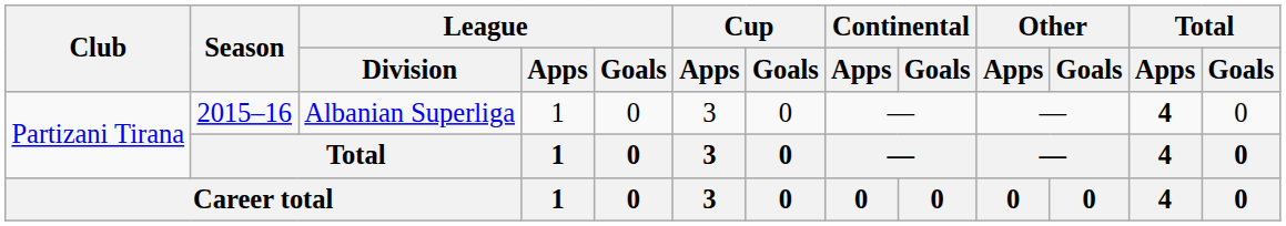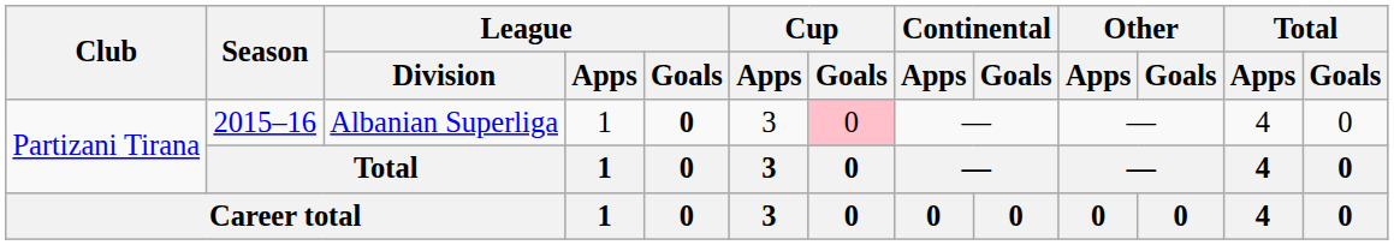 <table class="wikitable" style="text-align:center">
 <tr>
 <th rowspan="2">Club</th>
 <th rowspan="2">Season</th>
 <th colspan="3">League</th>
 <th colspan="2">Cup</th>
 <th colspan="2">Continental</th>
 <th colspan="2">Other</th>
 <th colspan="2">Total</th>
 </tr>
 <tr>
 <th>Division</th>
 <th>Apps</th>
 <th>Goals</th>
 <th>Apps</th>
 <th>Goals</th>
 <th>Apps</th>
 <th>Goals</th>
 <th>Apps</th>
 <th>Goals</th>
 <th>Apps</th>
 <th>Goals</th>
 </tr>
 <tr>
 <td rowspan="2"><a href='#'>Partizani Tirana</a></td>
 <td><a href='#'>2015–16</a></td>
 <td rowspan="1"><a href='#'>Albanian Superliga</a></td>
 <td>1</td>
-<td>0</td>
+<td><strong>0</strong></td>
 <td>3</td>
-<td>0</td>
+<td style="background: pink;">0</td>
 <td colspan="2">—</td>
 <td colspan="2">—</td>
-<td><strong>4</strong></td>
+<td>4</td>
 <td>0</td>
 </tr>
 <tr>
 <th colspan="2">Total</th>
 <th>1</th>
 <th>0</th>
 <th>3</th>
 <th>0</th>
 <th colspan="2">—</th>
 <th colspan="2">—</th>
 <th>4</th>
 <th>0</th>
 </tr>
 <tr>
 <th colspan="3">Career total</th>
 <th>1</th>
 <th>0</th>
 <th>3</th>
 <th>0</th>
 <th>0</th>
 <th>0</th>
 <th>0</th>
 <th>0</th>
 <th>4</th>
 <th>0</th>
 </tr>
 </table>
